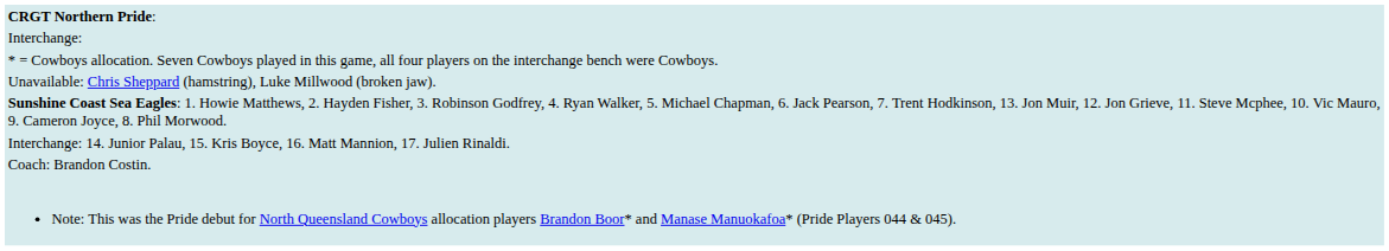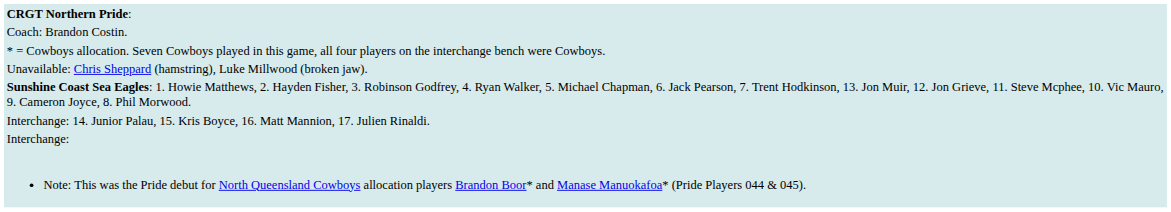 <table style="background:#d7ebed; font-size:85%; width:100%;">
 <tr>
 <td><strong>CRGT Northern Pride</strong>:             </td>
 </tr>
 <tr>
-<td>Interchange:    </td>
+<td>Coach: Brandon Costin.</td>
 </tr>
 <tr>
 <td>* = Cowboys allocation. Seven Cowboys played in this game, all four players on the interchange bench were Cowboys.</td>
 </tr>
 <tr>
 <td>Unavailable: <a href='#'>Chris Sheppard</a> (hamstring), Luke Millwood (broken jaw).</td>
 </tr>
 <tr>
 <td><strong>Sunshine Coast Sea Eagles</strong>: 1. Howie Matthews, 2. Hayden Fisher, 3. Robinson Godfrey, 4. Ryan Walker, 5. Michael Chapman, 6. Jack Pearson, 7. Trent Hodkinson, 13. Jon Muir, 12. Jon Grieve, 11. Steve Mcphee, 10. Vic Mauro, 9. Cameron Joyce, 8. Phil Morwood.</td>
 </tr>
 <tr>
 <td>Interchange: 14. Junior Palau, 15. Kris Boyce, 16. Matt Mannion, 17. Julien Rinaldi.</td>
 </tr>
 <tr>
-<td>Coach: Brandon Costin.</td>
+<td>Interchange:    </td>
 </tr>
 <tr>
 <td><br><ul><li>Note: This was the Pride debut for <a href='#'>North Queensland Cowboys</a> allocation players <a href='#'>Brandon Boor</a>* and <a href='#'>Manase Manuokafoa</a>* (Pride Players 044 & 045).</li></ul></td>
 </tr>
 </table>
